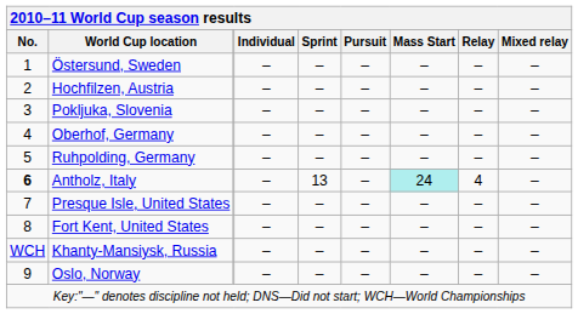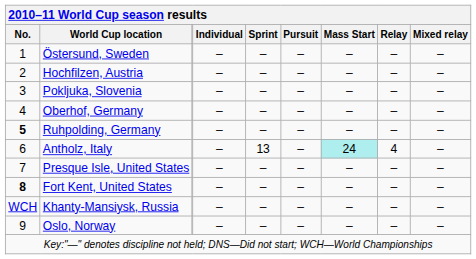 <table class="wikitable collapsible collapsed" style="font-size:90%; text-align:center; float:right; margin:1em 0 1em 1em;">
 <tr>
 <th colspan="9" style="white-space:nowrap; text-align:left;"><a href='#'>2010–11 World Cup season</a> results  </th>
 </tr>
 <tr>
 <th><small>No.</small></th>
 <th><small>World Cup location</small></th>
 <td rowspan="11" style="border-bottom-width:2x; padding:0;"></td>
 <th><small>Individual</small></th>
 <th><small>Sprint</small></th>
 <th><small>Pursuit</small></th>
 <th><small>Mass Start</small></th>
 <th><small>Relay</small></th>
 <th><small>Mixed relay</small></th>
 </tr>
 <tr>
 <td>1</td>
 <td style="text-align:left;"> <a href='#'>Östersund, Sweden</a></td>
 <td>–</td>
 <td>–</td>
 <td>–</td>
 <td>–</td>
 <td>–</td>
 <td>–</td>
 </tr>
 <tr>
 <td>2</td>
 <td style="text-align:left;"> <a href='#'>Hochfilzen, Austria</a></td>
 <td>–</td>
 <td>–</td>
 <td>–</td>
 <td>–</td>
 <td>–</td>
 <td>–</td>
 </tr>
 <tr>
 <td>3</td>
 <td style="text-align:left;"> <a href='#'>Pokljuka, Slovenia</a></td>
 <td>–</td>
 <td>–</td>
 <td>–</td>
 <td>–</td>
 <td>–</td>
 <td>–</td>
 </tr>
 <tr>
 <td>4</td>
 <td style="text-align:left;">  <a href='#'>Oberhof, Germany</a></td>
 <td>–</td>
 <td>–</td>
 <td>–</td>
 <td>–</td>
 <td>–</td>
 <td>–</td>
 </tr>
 <tr>
-<td>5</td>
+<td><strong>5</strong></td>
 <td style="text-align:left;"> <a href='#'>Ruhpolding, Germany</a></td>
 <td>–</td>
 <td>–</td>
 <td>–</td>
 <td>–</td>
 <td>–</td>
 <td>–</td>
 </tr>
 <tr>
-<td><strong>6</strong></td>
+<td>6</td>
 <td style="text-align:left;">  <a href='#'>Antholz, Italy</a></td>
 <td>–</td>
 <td>13</td>
 <td>–</td>
 <td style="background: paleturquoise;">24</td>
 <td>4</td>
 <td>–</td>
 </tr>
 <tr>
 <td>7</td>
 <td style="text-align:left;">  <a href='#'>Presque Isle, United States</a></td>
 <td>–</td>
 <td>–</td>
 <td>–</td>
 <td>–</td>
 <td>–</td>
 <td>–</td>
 </tr>
 <tr>
-<td>8</td>
+<td><strong>8</strong></td>
 <td style="text-align:left;">  <a href='#'>Fort Kent, United States</a></td>
 <td>–</td>
 <td>–</td>
 <td>–</td>
 <td>–</td>
 <td>–</td>
 <td>–</td>
 </tr>
 <tr>
 <td><a href='#'>WCH</a></td>
 <td style="text-align:left;"> <a href='#'>Khanty-Mansiysk, Russia</a></td>
 <td>–</td>
 <td>–</td>
 <td>–</td>
 <td>–</td>
 <td>–</td>
 <td>–</td>
 </tr>
 <tr>
 <td>9</td>
 <td style="text-align:left;">  <a href='#'>Oslo, Norway</a></td>
 <td>–</td>
 <td>–</td>
 <td>–</td>
 <td>–</td>
 <td>–</td>
 <td>–</td>
 </tr>
 <tr>
 <td style="text-align:center;" colspan="9"><small><em>Key:"—" denotes discipline not held; DNS—Did not start; WCH—World Championships</em></small></td>
 </tr>
 </table>
